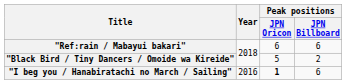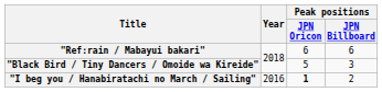 <table class="wikitable plainrowheaders" style="text-align:center;">
 <tr>
 <th scope="col" rowspan="2">Title</th>
 <th scope="col" rowspan="2">Year</th>
 <th scope="col" colspan="2">Peak positions</th>
 </tr>
 <tr>
 <th scope="col" style="width:50px"><a href='#'>JPN<br>Oricon</a><br></th>
 <th scope="col" style="width:50px"><a href='#'>JPN<br>Billboard</a></th>
 </tr>
 <tr>
 <th scope="row">"Ref:rain / Mabayui bakari"</th>
 <td rowspan="2">2018</td>
 <td>6</td>
 <td>6</td>
 </tr>
 <tr>
 <th scope="row">"Black Bird / Tiny Dancers / Omoide wa Kireide"</th>
 <td>5</td>
-<td>2</td>
+<td>3</td>
 </tr>
 <tr>
 <th scope="row">"I beg you / Hanabiratachi no March / Sailing"</th>
 <td rowspan="1">2016</td>
 <td><strong>1</strong></td>
-<td>6</td>
+<td>2</td>
 </tr>
 </table>
